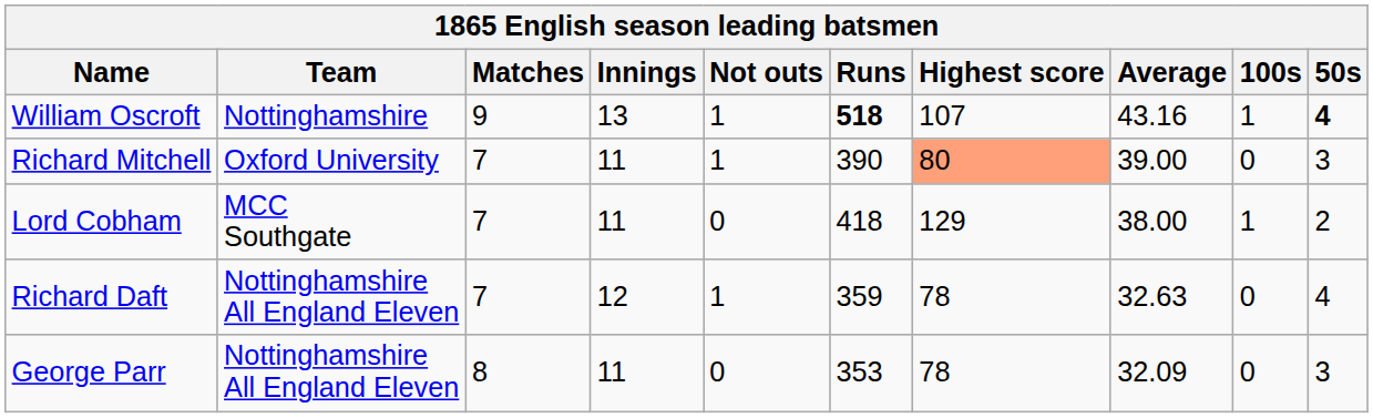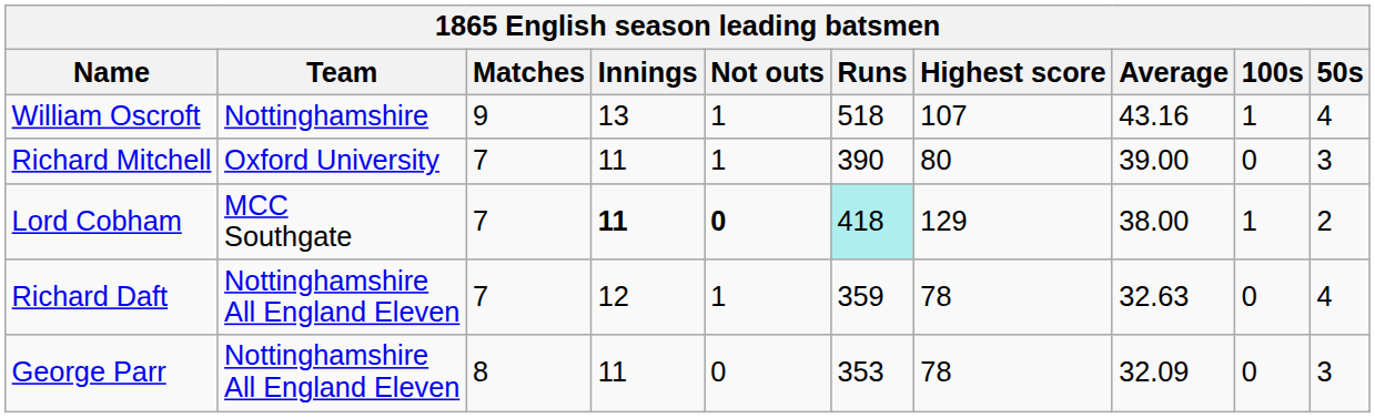 <table class="wikitable">
 <tr>
 <th bgcolor="#efefef" colspan="10">1865 English season leading batsmen</th>
 </tr>
 <tr bgcolor="#efefef">
 <th>Name</th>
 <th>Team</th>
 <th>Matches</th>
 <th>Innings</th>
 <th>Not outs</th>
 <th>Runs</th>
 <th>Highest score</th>
 <th>Average</th>
 <th>100s</th>
 <th>50s</th>
 </tr>
 <tr>
 <td><a href='#'>William Oscroft</a></td>
 <td><a href='#'>Nottinghamshire</a></td>
 <td>9</td>
 <td>13</td>
 <td>1</td>
-<td><strong>518</strong></td>
+<td>518</td>
 <td>107</td>
 <td>43.16</td>
 <td>1</td>
-<td><strong>4</strong></td>
+<td>4</td>
 </tr>
 <tr>
 <td><a href='#'>Richard Mitchell</a></td>
 <td><a href='#'>Oxford University</a></td>
 <td>7</td>
 <td>11</td>
 <td>1</td>
 <td>390</td>
-<td style="background: lightsalmon;">80</td>
+<td>80</td>
 <td>39.00</td>
 <td>0</td>
 <td>3</td>
 </tr>
 <tr>
 <td><a href='#'>Lord Cobham</a></td>
 <td><a href='#'>MCC</a><br>Southgate</td>
 <td>7</td>
-<td>11</td>
-<td>0</td>
-<td>418</td>
+<td><strong>11</strong></td>
+<td><strong>0</strong></td>
+<td style="background: paleturquoise;">418</td>
 <td>129</td>
 <td>38.00</td>
 <td>1</td>
 <td>2</td>
 </tr>
 <tr>
 <td><a href='#'>Richard Daft</a></td>
 <td><a href='#'>Nottinghamshire</a><br><a href='#'>All England Eleven</a></td>
 <td>7</td>
 <td>12</td>
 <td>1</td>
 <td>359</td>
 <td>78</td>
 <td>32.63</td>
 <td>0</td>
 <td>4</td>
 </tr>
 <tr>
 <td><a href='#'>George Parr</a></td>
 <td><a href='#'>Nottinghamshire</a><br><a href='#'>All England Eleven</a></td>
 <td>8</td>
 <td>11</td>
 <td>0</td>
 <td>353</td>
 <td>78</td>
 <td>32.09</td>
 <td>0</td>
 <td>3</td>
 </tr>
 </table>
